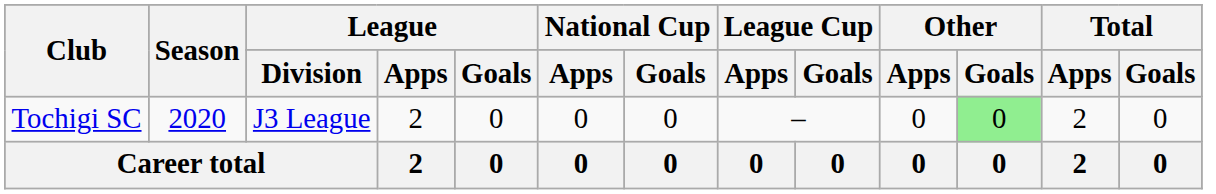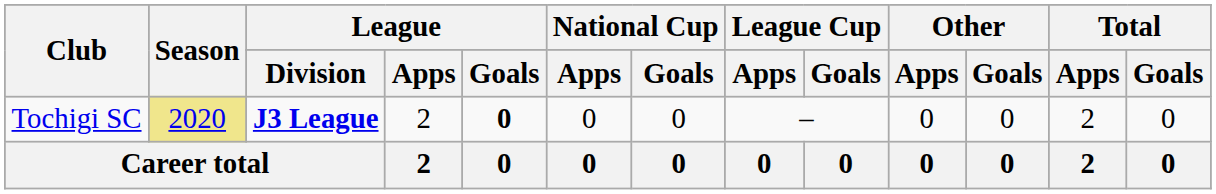 <table class="wikitable" style="text-align: center">
 <tr>
 <th rowspan="2">Club</th>
 <th rowspan="2">Season</th>
 <th colspan="3">League</th>
 <th colspan="2">National Cup</th>
 <th colspan="2">League Cup</th>
 <th colspan="2">Other</th>
 <th colspan="2">Total</th>
 </tr>
 <tr>
 <th>Division</th>
 <th>Apps</th>
 <th>Goals</th>
 <th>Apps</th>
 <th>Goals</th>
 <th>Apps</th>
 <th>Goals</th>
 <th>Apps</th>
 <th>Goals</th>
 <th>Apps</th>
 <th>Goals</th>
 </tr>
 <tr>
 <td><a href='#'>Tochigi SC</a></td>
-<td><a href='#'>2020</a></td>
-<td><a href='#'>J3 League</a></td>
+<td style="background: khaki;"><a href='#'>2020</a></td>
+<td><strong><a href='#'>J3 League</a></strong></td>
 <td>2</td>
-<td>0</td>
+<td><strong>0</strong></td>
 <td>0</td>
 <td>0</td>
 <td colspan="2">–</td>
 <td>0</td>
-<td style="background: lightgreen;">0</td>
+<td>0</td>
 <td>2</td>
 <td>0</td>
 </tr>
 <tr>
 <th colspan=3>Career total</th>
 <th>2</th>
 <th>0</th>
 <th>0</th>
 <th>0</th>
 <th>0</th>
 <th>0</th>
 <th>0</th>
 <th>0</th>
 <th>2</th>
 <th>0</th>
 </tr>
 </table>
